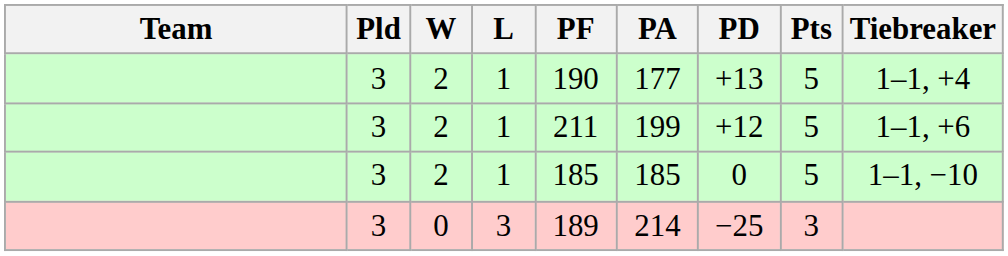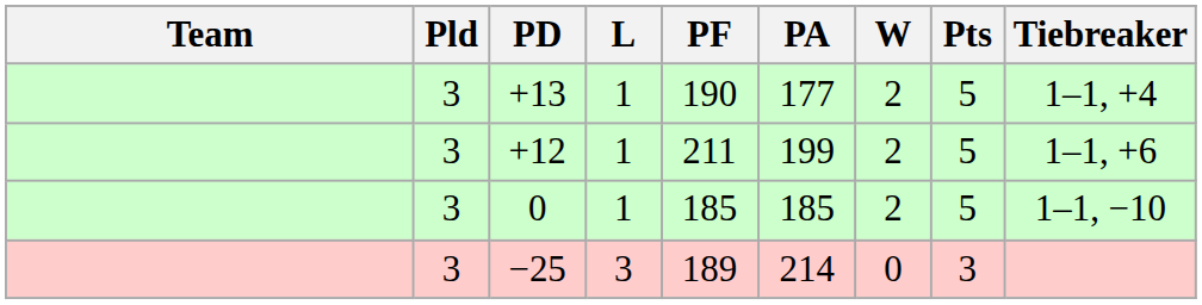 <table class="wikitable" style="text-align:center;">
 <tr>
 <th width=170>Team</th>
 <th width=25>Pld</th>
-<th width=25>W</th>
+<th width=35>PD</th>
 <th width=25>L</th>
 <th width=35>PF</th>
 <th width=35>PA</th>
-<th width=35>PD</th>
+<th width=25>W</th>
 <th width=25>Pts</th>
 <th width=50>Tiebreaker</th>
 </tr>
 <tr bgcolor="#ccffcc">
 <td align="left"></td>
 <td>3</td>
-<td>2</td>
+<td>+13</td>
 <td>1</td>
 <td>190</td>
 <td>177</td>
-<td>+13</td>
+<td>2</td>
 <td>5</td>
 <td>1–1, +4</td>
 </tr>
 <tr bgcolor="#ccffcc">
 <td align="left"></td>
 <td>3</td>
-<td>2</td>
+<td>+12</td>
 <td>1</td>
 <td>211</td>
 <td>199</td>
-<td>+12</td>
+<td>2</td>
 <td>5</td>
 <td>1–1, +6</td>
 </tr>
 <tr bgcolor=#ccffcc>
 <td align="left"></td>
 <td>3</td>
-<td>2</td>
+<td>0</td>
 <td>1</td>
 <td>185</td>
 <td>185</td>
-<td>0</td>
+<td>2</td>
 <td>5</td>
 <td>1–1, −10</td>
 </tr>
 <tr bgcolor="#ffcccc">
 <td align="left"></td>
 <td>3</td>
-<td>0</td>
+<td>−25</td>
 <td>3</td>
 <td>189</td>
 <td>214</td>
-<td>−25</td>
+<td>0</td>
 <td>3</td>
 <td></td>
 </tr>
 </table>
